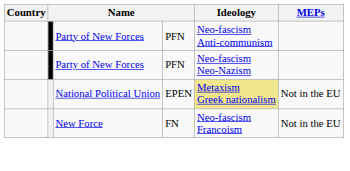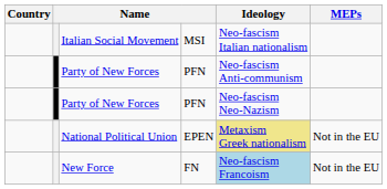 <table class="wikitable">
 <tr>
 <th>Country</th>
 <th colspan="3">Name</th>
 <th>Ideology</th>
 <th><a href='#'>MEPs</a></th>
+</tr>
+<tr>
+<td></td>
+<th style="background:"></th>
+<td><a href='#'>Italian Social Movement</a></td>
+<td>MSI</td>
+<td><a href='#'>Neo-fascism</a><br><a href='#'>Italian nationalism</a></td>
+<td></td>
 </tr>
 <tr>
 <td></td>
 <th style="background:black"></th>
 <td><a href='#'>Party of New Forces</a></td>
 <td>PFN</td>
 <td><a href='#'>Neo-fascism</a><br><a href='#'>Anti-communism</a></td>
 <td></td>
 </tr>
 <tr>
 <td></td>
 <th style="background:black"></th>
 <td><a href='#'>Party of New Forces</a></td>
 <td>PFN</td>
 <td><a href='#'>Neo-fascism</a><br><a href='#'>Neo-Nazism</a></td>
 <td></td>
 </tr>
 <tr>
 <td></td>
 <th style="background:"></th>
 <td><a href='#'>National Political Union</a></td>
 <td>EPEN</td>
 <td style="background: khaki;"><a href='#'>Metaxism</a><br><a href='#'>Greek nationalism</a></td>
 <td>Not in the EU</td>
 </tr>
 <tr>
 <td></td>
 <th style="background:"></th>
 <td><a href='#'>New Force</a></td>
 <td>FN</td>
-<td><a href='#'>Neo-fascism</a><br><a href='#'>Francoism</a></td>
+<td style="background: lightblue;"><a href='#'>Neo-fascism</a><br><a href='#'>Francoism</a></td>
 <td>Not in the EU</td>
 </tr>
 </table>
